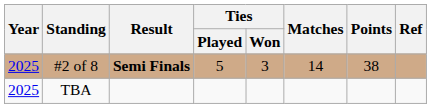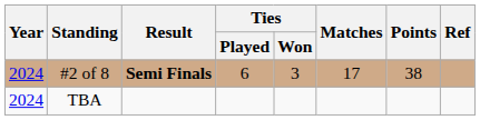 <table class="wikitable" style="text-align:center;">
 <tr>
 <th rowspan=2>Year</th>
 <th rowspan=2>Standing</th>
 <th rowspan=2>Result</th>
 <th colspan=2>Ties</th>
 <th rowspan=2>Matches</th>
 <th rowspan=2>Points</th>
 <th rowspan=2>Ref</th>
 </tr>
 <tr>
 <th>Played</th>
 <th>Won</th>
 </tr>
 <tr bgcolor=#CFAA88>
-<td><a href='#'>2025</a></td>
+<td><a href='#'>2024</a></td>
 <td>#2 of 8</td>
 <td><strong>Semi Finals</strong></td>
-<td>5</td>
+<td>6</td>
 <td>3</td>
-<td>14</td>
+<td>17</td>
 <td>38</td>
 <td></td>
 </tr>
 <tr>
-<td><a href='#'>2025</a></td>
+<td><a href='#'>2024</a></td>
 <td>TBA</td>
 <td></td>
 <td></td>
 <td></td>
 <td></td>
 <td></td>
 </tr>
 </table>
